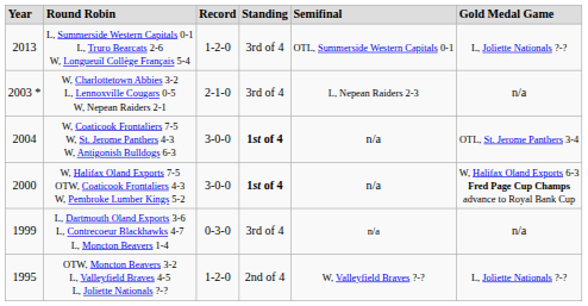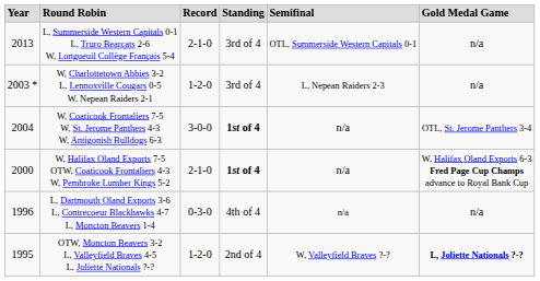 <table class="wikitable">
 <tr style="font-weight:bold; background-color:#dddddd;" |>
 <td>Year</td>
 <td>Round Robin</td>
 <td>Record</td>
 <td>Standing</td>
 <td>Semifinal</td>
 <td>Gold Medal Game</td>
 </tr>
 <tr align=center>
 <td>2013</td>
 <td><small>L, <a href='#'>Summerside Western Capitals</a> 0-1<br>L, <a href='#'>Truro Bearcats</a> 2-6<br>W, <a href='#'>Longueuil Collège Français</a> 5-4</small></td>
-<td>1-2-0</td>
+<td>2-1-0</td>
 <td>3rd of 4</td>
 <td><small>OTL, <a href='#'>Summerside Western Capitals</a> 0-1</small></td>
-<td><small>L, <a href='#'>Joliette Nationals</a> ?-?</small></td>
+<td>n/a</td>
 </tr>
 <tr align=center>
 <td>2003 *</td>
 <td><small>W, <a href='#'>Charlottetown Abbies</a> 3-2<br>L, <a href='#'>Lennoxville Cougars</a> 0-5<br>W, Nepean Raiders 2-1</small></td>
-<td>2-1-0</td>
+<td>1-2-0</td>
 <td>3rd of 4</td>
 <td><small>L, Nepean Raiders 2-3</small></td>
 <td>n/a</td>
 </tr>
 <tr align=center>
 <td>2004</td>
 <td><small>W, <a href='#'>Coaticook Frontaliers</a> 7-5<br>W, <a href='#'>St. Jerome Panthers</a> 4-3<br>W, <a href='#'>Antigonish Bulldogs</a> 6-3</small></td>
 <td>3-0-0</td>
 <td><strong>1<em>st</em> of 4</strong></td>
 <td>n/a</td>
 <td><small>OTL, <a href='#'>St. Jerome Panthers</a> 3-4</small></td>
 </tr>
 <tr align=center>
 <td>2000</td>
 <td><small>W, <a href='#'>Halifax Oland Exports</a> 7-5<br>OTW, <a href='#'>Coaticook Frontaliers</a> 4-3<br>W, <a href='#'>Pembroke Lumber Kings</a> 5-2</small></td>
-<td>3-0-0</td>
+<td>2-1-0</td>
 <td><strong>1<em>st</em> of 4</strong></td>
 <td>n/a</td>
 <td><small>W, <a href='#'>Halifax Oland Exports</a> 6-3<br><strong>Fred Page Cup Champs</strong><br>advance to Royal Bank Cup</small></td>
 </tr>
 <tr align=center>
-<td>1999</td>
+<td>1996</td>
 <td><small>L, <a href='#'>Dartmouth Oland Exports</a> 3-6<br>L, <a href='#'>Contrecoeur Blackhawks</a> 4-7<br>L, <a href='#'>Moncton Beavers</a> 1-4</small></td>
 <td>0-3-0</td>
-<td>3rd of 4</td>
+<td>4th of 4</td>
 <td><small>n/a</small></td>
 <td>n/a</td>
 </tr>
 <tr align=center>
 <td>1995</td>
 <td><small>OTW, <a href='#'>Moncton Beavers</a> 3-2<br>L, <a href='#'>Valleyfield Braves</a> 4-5<br>L, <a href='#'>Joliette Nationals</a> ?-?</small></td>
 <td>1-2-0</td>
 <td>2nd of 4</td>
 <td><small>W, <a href='#'>Valleyfield Braves</a> ?-?</small></td>
-<td><small>L, <a href='#'>Joliette Nationals</a> ?-?</small></td>
+<td><strong><small>L, <a href='#'>Joliette Nationals</a> ?-?</small></strong></td>
 </tr>
 </table>
